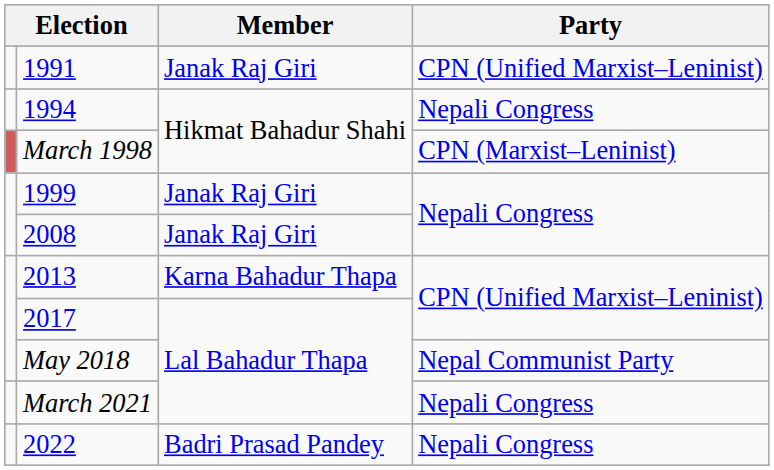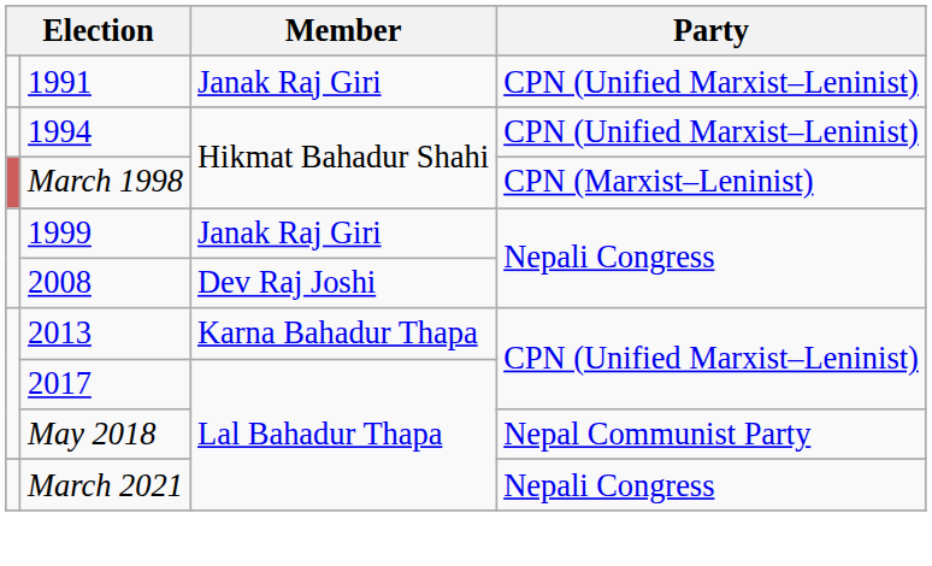 <table class="wikitable">
 <tr>
 <th colspan="2">Election</th>
 <th>Member</th>
 <th>Party</th>
 </tr>
 <tr>
 <td style="background-color:"></td>
 <td><a href='#'>1991</a></td>
 <td><a href='#'>Janak Raj Giri</a></td>
 <td><a href='#'>CPN (Unified Marxist–Leninist)</a></td>
 </tr>
 <tr>
 <td style="background-color:"></td>
 <td><a href='#'>1994</a></td>
 <td rowspan="2">Hikmat Bahadur Shahi</td>
-<td><a href='#'>Nepali Congress</a></td>
+<td><a href='#'>CPN (Unified Marxist–Leninist)</a></td>
 </tr>
 <tr>
 <td style="background-color:indianred"></td>
 <td><em>March 1998</em></td>
 <td><a href='#'>CPN (Marxist–Leninist)</a></td>
 </tr>
 <tr>
 <td rowspan="2" style="background-color:"></td>
 <td><a href='#'>1999</a></td>
 <td><a href='#'>Janak Raj Giri</a></td>
 <td rowspan="2"><a href='#'>Nepali Congress</a></td>
 </tr>
 <tr>
 <td><a href='#'>2008</a></td>
-<td><a href='#'>Janak Raj Giri</a></td>
+<td><a href='#'>Dev Raj Joshi</a></td>
 </tr>
 <tr>
 <td rowspan="3" style="background-color:"></td>
 <td><a href='#'>2013</a></td>
 <td><a href='#'>Karna Bahadur Thapa</a></td>
 <td rowspan="2"><a href='#'>CPN (Unified Marxist–Leninist)</a></td>
 </tr>
 <tr>
 <td><a href='#'>2017</a></td>
 <td rowspan="3"><a href='#'>Lal Bahadur Thapa</a></td>
 </tr>
 <tr>
 <td><em>May 2018</em></td>
 <td><a href='#'>Nepal Communist Party</a></td>
 </tr>
 <tr>
 <td></td>
 <td><em>March 2021</em></td>
 <td><a href='#'>Nepali Congress</a></td>
 </tr>
-<tr>
-<td style="background-color:"></td>
-<td><a href='#'>2022</a></td>
-<td><a href='#'>Badri Prasad Pandey</a></td>
-<td><a href='#'>Nepali Congress</a></td>
-</tr>
 </table>
